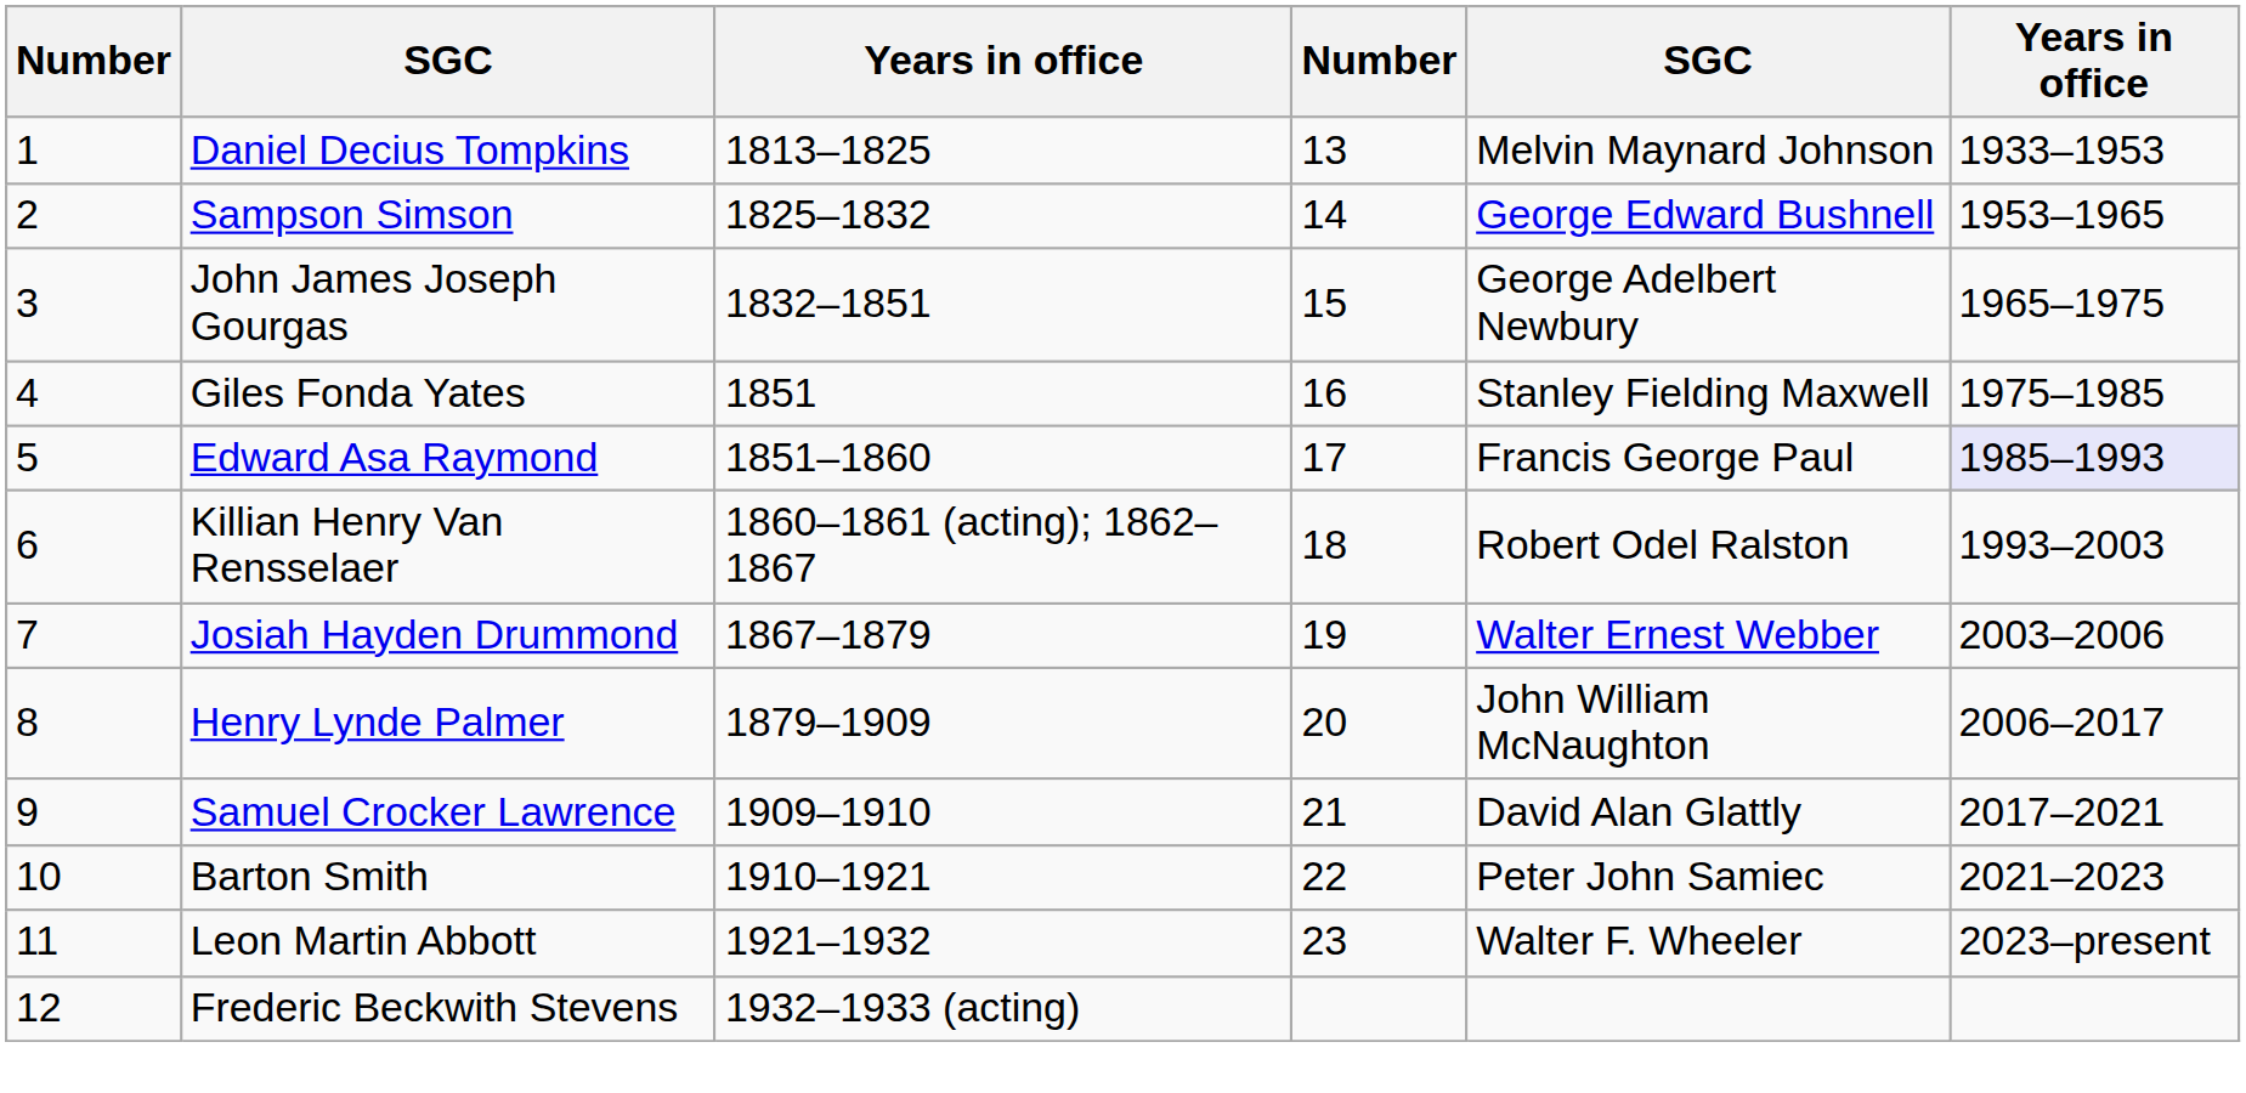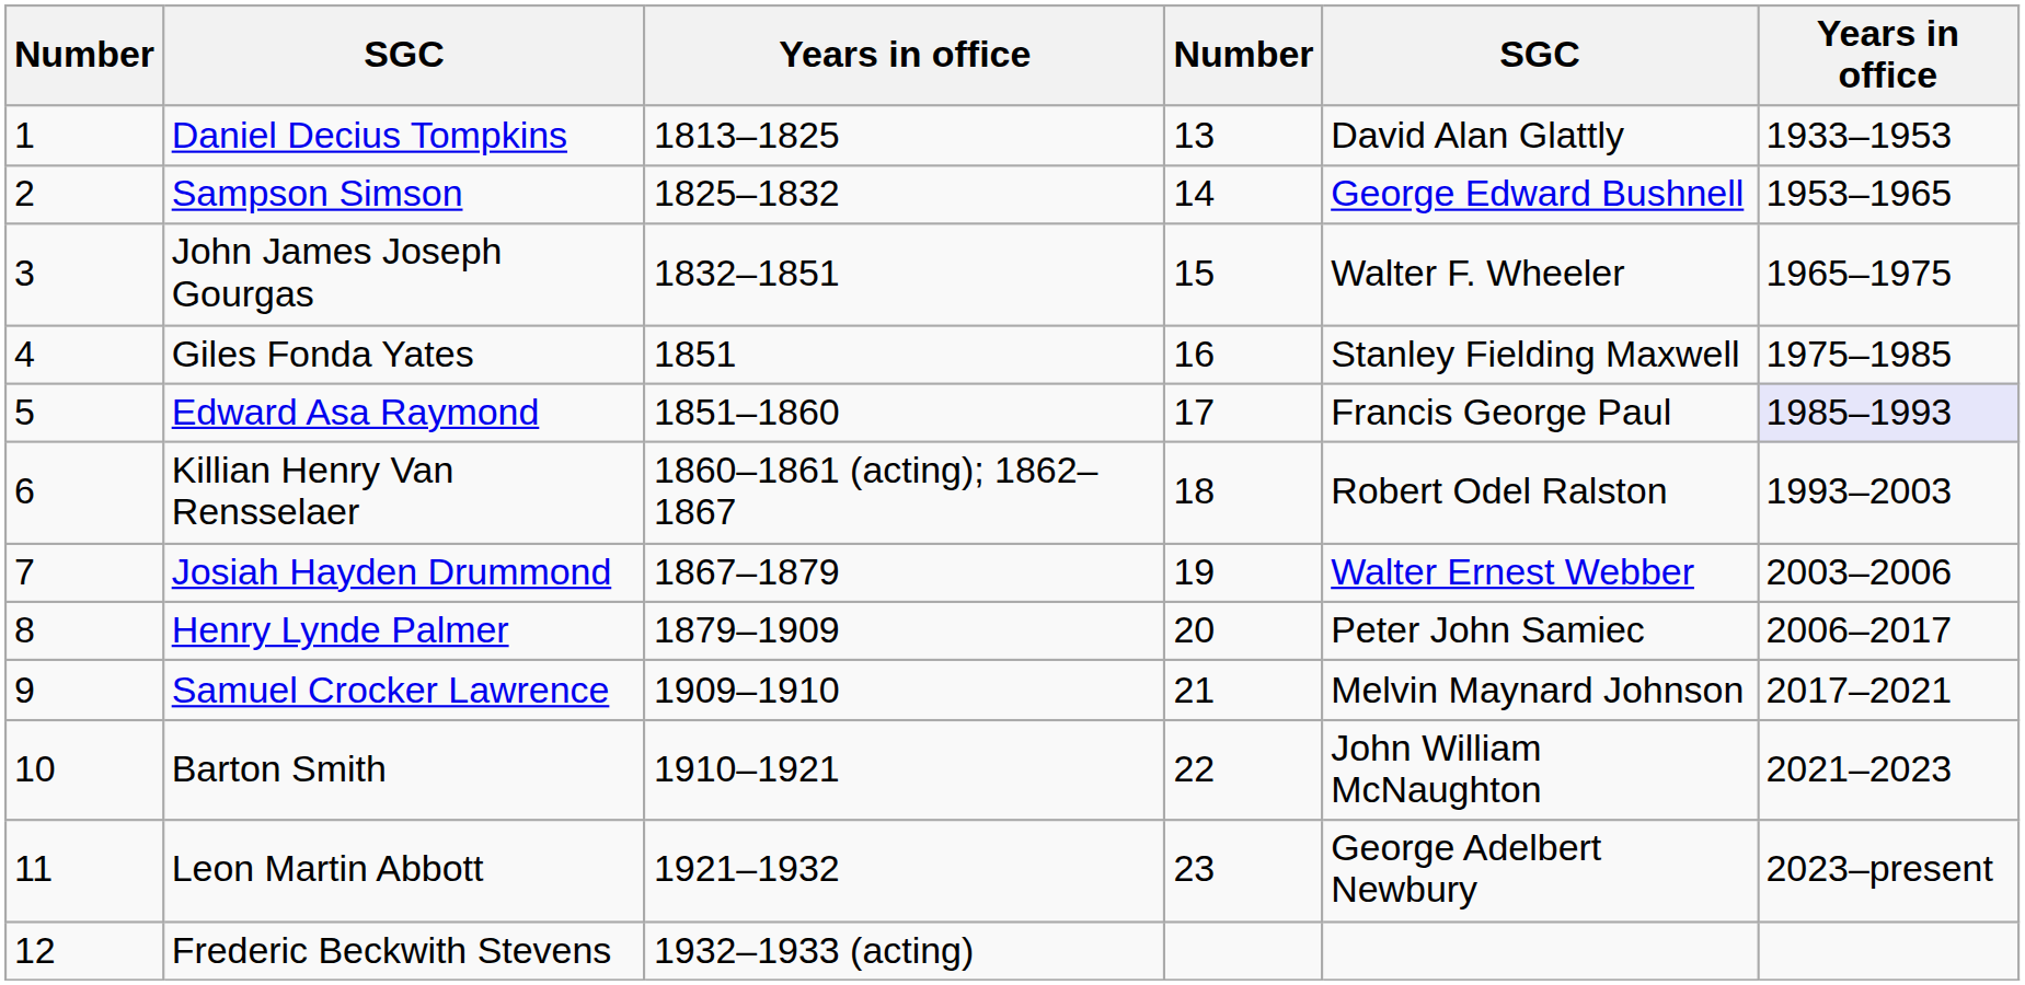 <table class="wikitable">
 <tr>
 <th>Number</th>
 <th>SGC</th>
 <th>Years in office</th>
 <th>Number</th>
 <th>SGC</th>
 <th>Years in office</th>
 </tr>
 <tr>
 <td>1</td>
 <td><a href='#'>Daniel Decius Tompkins</a></td>
 <td>1813–1825</td>
 <td>13</td>
-<td>Melvin Maynard Johnson</td>
+<td>David Alan Glattly</td>
 <td>1933–1953</td>
 </tr>
 <tr>
 <td>2</td>
 <td><a href='#'>Sampson Simson</a></td>
 <td>1825–1832</td>
 <td>14</td>
 <td><a href='#'>George Edward Bushnell</a></td>
 <td>1953–1965</td>
 </tr>
 <tr>
 <td>3</td>
 <td>John James Joseph Gourgas</td>
 <td>1832–1851</td>
 <td>15</td>
-<td>George Adelbert Newbury</td>
+<td>Walter F. Wheeler</td>
 <td>1965–1975</td>
 </tr>
 <tr>
 <td>4</td>
 <td>Giles Fonda Yates</td>
 <td>1851</td>
 <td>16</td>
 <td>Stanley Fielding Maxwell</td>
 <td>1975–1985</td>
 </tr>
 <tr>
 <td>5</td>
 <td><a href='#'>Edward Asa Raymond</a></td>
 <td>1851–1860</td>
 <td>17</td>
 <td>Francis George Paul</td>
 <td style="background: lavender;">1985–1993</td>
 </tr>
 <tr>
 <td>6</td>
 <td>Killian Henry Van Rensselaer</td>
 <td>1860–1861 (acting); 1862–1867</td>
 <td>18</td>
 <td>Robert Odel Ralston</td>
 <td>1993–2003</td>
 </tr>
 <tr>
 <td>7</td>
 <td><a href='#'>Josiah Hayden Drummond</a></td>
 <td>1867–1879</td>
 <td>19</td>
 <td><a href='#'>Walter Ernest Webber</a></td>
 <td>2003–2006</td>
 </tr>
 <tr>
 <td>8</td>
 <td><a href='#'>Henry Lynde Palmer</a></td>
 <td>1879–1909</td>
 <td>20</td>
-<td>John William McNaughton</td>
+<td>Peter John Samiec</td>
 <td>2006–2017</td>
 </tr>
 <tr>
 <td>9</td>
 <td><a href='#'>Samuel Crocker Lawrence</a></td>
 <td>1909–1910</td>
 <td>21</td>
-<td>David Alan Glattly</td>
+<td>Melvin Maynard Johnson</td>
 <td>2017–2021</td>
 </tr>
 <tr>
 <td>10</td>
 <td>Barton Smith</td>
 <td>1910–1921</td>
 <td>22</td>
-<td>Peter John Samiec</td>
+<td>John William McNaughton</td>
 <td>2021–2023</td>
 </tr>
 <tr>
 <td>11</td>
 <td>Leon Martin Abbott</td>
 <td>1921–1932</td>
 <td>23</td>
-<td>Walter F. Wheeler</td>
+<td>George Adelbert Newbury</td>
 <td>2023–present</td>
 </tr>
 <tr>
 <td>12</td>
 <td>Frederic Beckwith Stevens</td>
 <td>1932–1933 (acting)</td>
 <td></td>
 <td></td>
 <td></td>
 </tr>
 </table>
